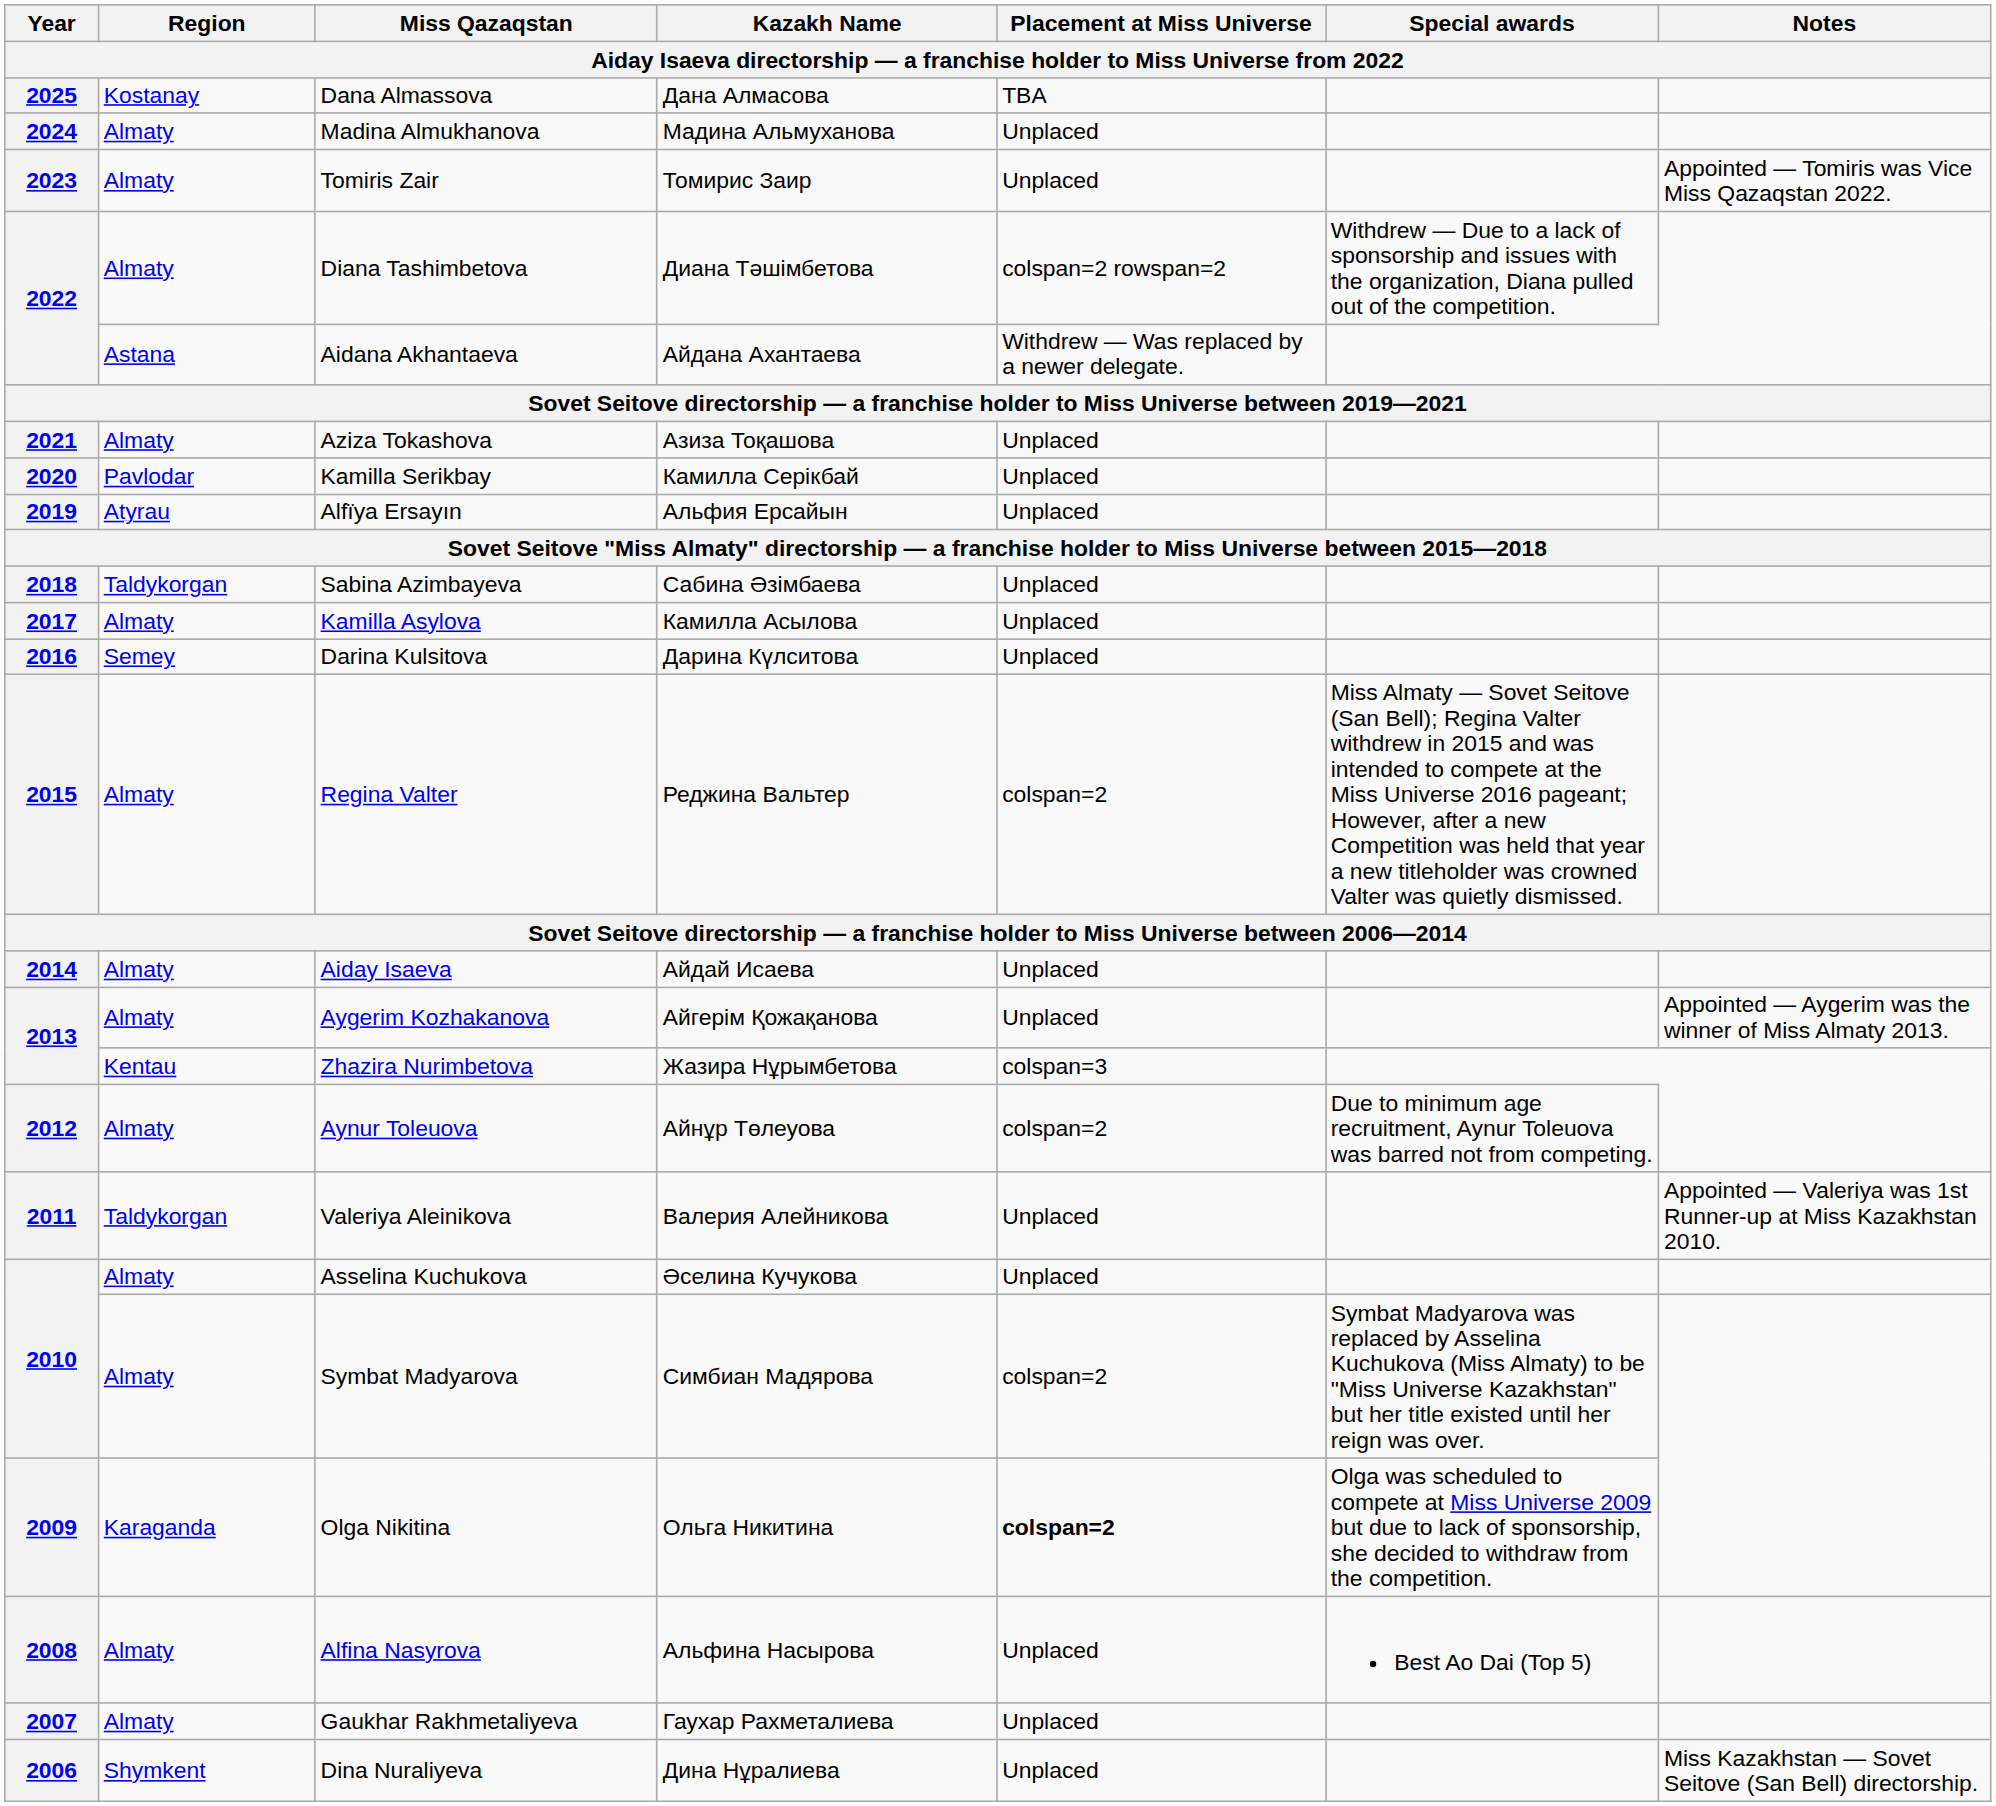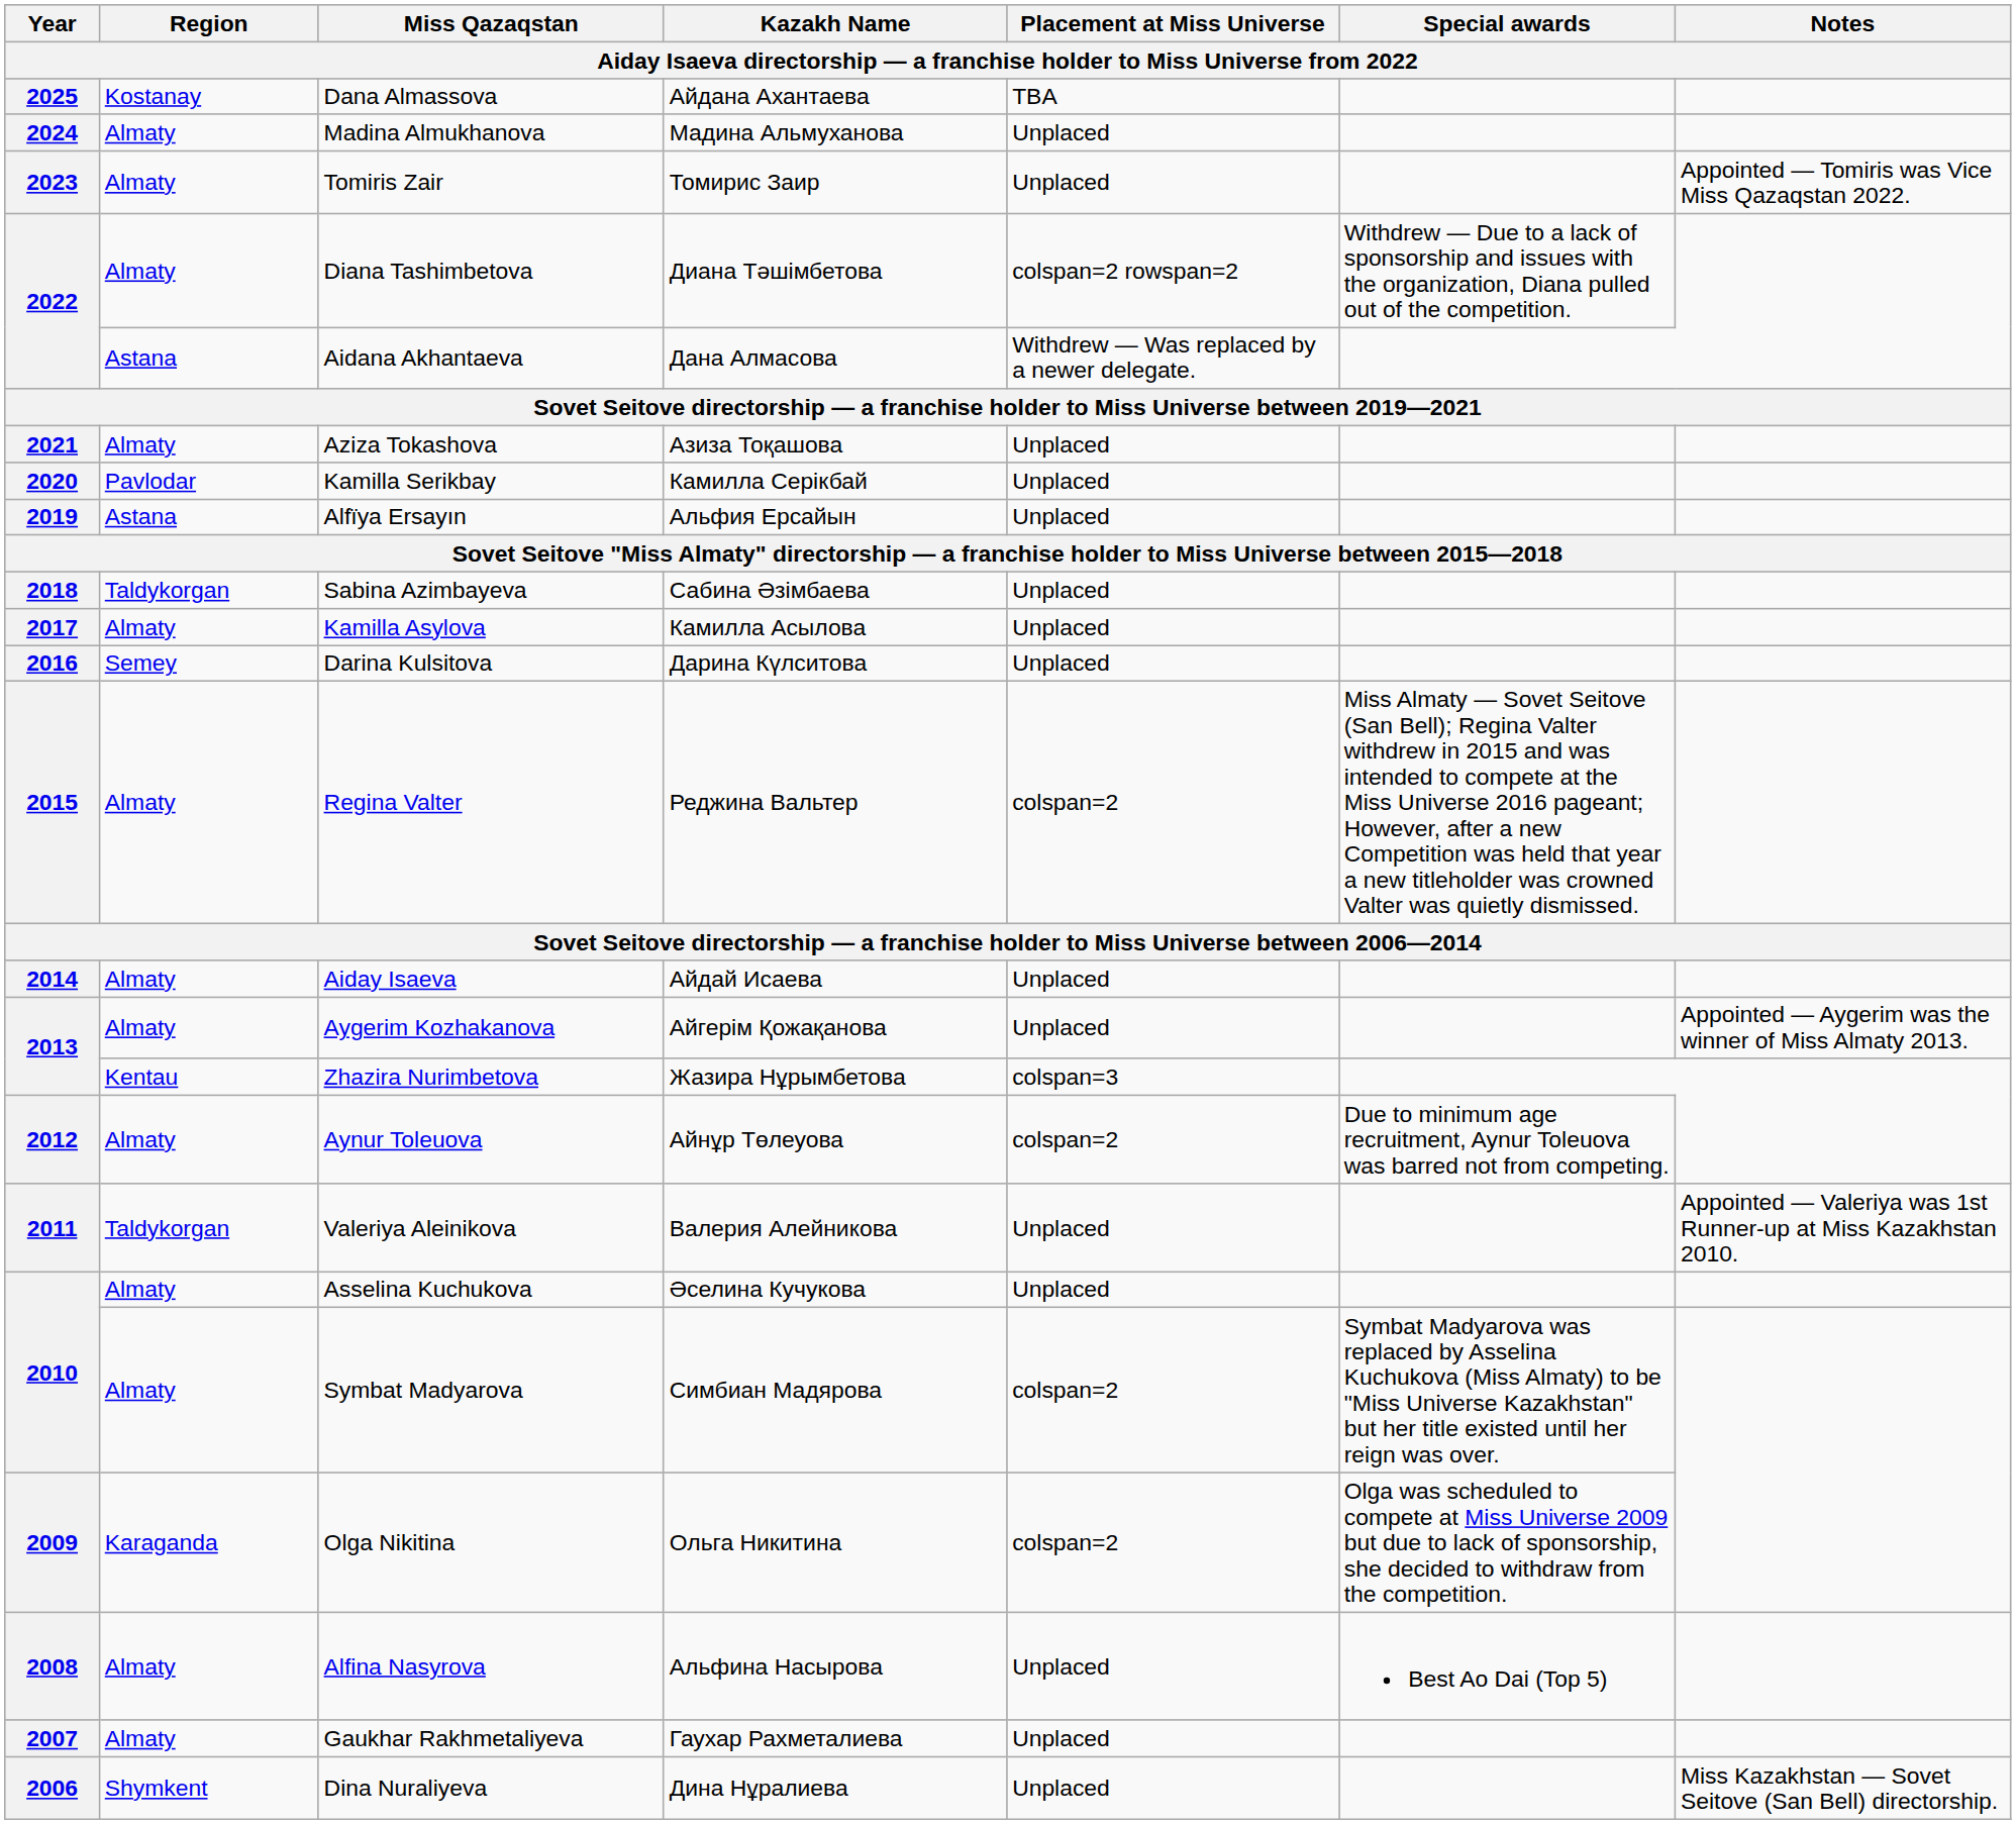 <table class="wikitable " style="font-size: 90%;">
 <tr>
 <th width="60">Year</th>
 <th width="150">Region</th>
 <th width="250">Miss Qazaqstan</th>
 <th width="250">Kazakh Name</th>
 <th width="250">Placement at Miss Universe</th>
 <th width="250">Special awards</th>
 <th width="250">Notes</th>
 </tr>
 <tr>
 <th colspan="7">Aiday Isaeva directorship — a franchise holder to Miss Universe from 2022</th>
 </tr>
 <tr>
 <th><a href='#'>2025</a></th>
 <td><a href='#'>Kostanay</a></td>
 <td>Dana Almassova</td>
-<td>Дана Алмасова</td>
+<td>Айдана Ахантаева</td>
 <td>TBA</td>
 <td></td>
 <td></td>
 </tr>
 <tr>
 <th><a href='#'>2024</a></th>
 <td><a href='#'>Almaty</a></td>
 <td>Madina Almukhanova</td>
 <td>Мадина Альмуханова</td>
 <td>Unplaced</td>
 <td></td>
 <td></td>
 </tr>
 <tr>
 <th><a href='#'>2023</a></th>
 <td><a href='#'>Almaty</a></td>
 <td>Tomiris Zair</td>
 <td>Томирис Заир</td>
 <td>Unplaced</td>
 <td></td>
 <td>Appointed — Tomiris was Vice Miss Qazaqstan 2022.</td>
 </tr>
 <tr>
 <th rowspan=2><a href='#'>2022</a></th>
 <td><a href='#'>Almaty</a></td>
 <td>Diana Tashimbetova</td>
 <td>Диана Тәшімбетова</td>
 <td>colspan=2 rowspan=2</td>
 <td>Withdrew — Due to a lack of sponsorship and issues with the organization, Diana pulled out of the competition.</td>
 </tr>
 <tr>
 <td><a href='#'>Astana</a></td>
 <td>Aidana Akhantaeva</td>
-<td>Айдана Ахантаева</td>
+<td>Дана Алмасова</td>
 <td>Withdrew — Was replaced by a newer delegate.</td>
 </tr>
 <tr>
 <th colspan="7">Sovet Seitove directorship — a franchise holder to Miss Universe between 2019―2021</th>
 </tr>
 <tr>
 <th><a href='#'>2021</a></th>
 <td><a href='#'>Almaty</a></td>
 <td>Aziza Tokashova</td>
 <td>Азиза Тоқашова</td>
 <td>Unplaced</td>
 <td></td>
 <td></td>
 </tr>
 <tr>
 <th><a href='#'>2020</a></th>
 <td><a href='#'>Pavlodar</a></td>
 <td>Kamilla Serikbay</td>
 <td>Камилла Серікбай</td>
 <td>Unplaced</td>
 <td></td>
 <td></td>
 </tr>
 <tr>
 <th><a href='#'>2019</a></th>
-<td><a href='#'>Atyrau</a></td>
+<td><a href='#'>Astana</a></td>
 <td>Alfïya Ersayın</td>
 <td>Альфия Ерсайын</td>
 <td>Unplaced</td>
 <td></td>
 <td></td>
 </tr>
 <tr>
 <th colspan="7">Sovet Seitove "Miss Almaty" directorship — a franchise holder to Miss Universe between 2015―2018</th>
 </tr>
 <tr>
 <th><a href='#'>2018</a></th>
 <td><a href='#'>Taldykorgan</a></td>
 <td>Sabina Azimbayeva</td>
 <td>Сабина Әзімбаева</td>
 <td>Unplaced</td>
 <td></td>
 <td></td>
 </tr>
 <tr>
 <th><a href='#'>2017</a></th>
 <td><a href='#'>Almaty</a></td>
 <td><a href='#'>Kamilla Asylova</a></td>
 <td>Камилла Асылова</td>
 <td>Unplaced</td>
 <td></td>
 <td></td>
 </tr>
 <tr>
 <th><a href='#'>2016</a></th>
 <td><a href='#'>Semey</a></td>
 <td>Darina Kulsitova</td>
 <td>Дарина Күлситова</td>
 <td>Unplaced</td>
 <td></td>
 <td></td>
 </tr>
 <tr>
 <th><a href='#'>2015</a></th>
 <td><a href='#'>Almaty</a></td>
 <td><a href='#'>Regina Valter</a></td>
 <td>Реджина Вальтер</td>
 <td>colspan=2 </td>
 <td>Miss Almaty — Sovet Seitove (San Bell); Regina Valter withdrew in 2015 and was intended to compete at the Miss Universe 2016 pageant; However, after a new Competition was held that year a new titleholder was crowned Valter was quietly dismissed.</td>
 </tr>
 <tr>
 <th colspan="7">Sovet Seitove directorship — a franchise holder to Miss Universe between 2006―2014</th>
 </tr>
 <tr>
 <th><a href='#'>2014</a></th>
 <td><a href='#'>Almaty</a></td>
 <td><a href='#'>Aiday Isaeva</a></td>
 <td>Айдай Исаева</td>
 <td>Unplaced</td>
 <td></td>
 <td></td>
 </tr>
 <tr>
 <th rowspan=2><a href='#'>2013</a></th>
 <td><a href='#'>Almaty</a></td>
 <td><a href='#'>Aygerim Kozhakanova</a></td>
 <td>Айгерім Қожақанова</td>
 <td>Unplaced</td>
 <td></td>
 <td>Appointed — Aygerim was the winner of Miss Almaty 2013.</td>
 </tr>
 <tr>
 <td><a href='#'>Kentau</a></td>
 <td><a href='#'>Zhazira Nurimbetova</a></td>
 <td>Жазира Нұрымбетова</td>
 <td>colspan=3 </td>
 </tr>
 <tr>
 <th><a href='#'>2012</a></th>
 <td><a href='#'>Almaty</a></td>
 <td><a href='#'>Aynur Toleuova</a></td>
 <td>Айнұр Төлеуова</td>
 <td>colspan=2 </td>
 <td>Due to minimum age recruitment, Aynur Toleuova was barred not from competing.</td>
 </tr>
 <tr>
 <th><a href='#'>2011</a></th>
 <td><a href='#'>Taldykorgan</a></td>
 <td>Valeriya Aleinikova</td>
 <td>Валерия Алейникова</td>
 <td>Unplaced</td>
 <td></td>
 <td>Appointed — Valeriya was 1st Runner-up at Miss Kazakhstan 2010.</td>
 </tr>
 <tr>
 <th rowspan=2><a href='#'>2010</a></th>
 <td><a href='#'>Almaty</a></td>
 <td>Asselina Kuchukova</td>
 <td>Әселина Кучукова</td>
 <td>Unplaced</td>
 <td></td>
 <td></td>
 </tr>
 <tr>
 <td><a href='#'>Almaty</a></td>
 <td>Symbat Madyarova</td>
 <td>Симбиан Мадярова</td>
 <td>colspan=2 </td>
 <td>Symbat Madyarova was replaced by Asselina Kuchukova (Miss Almaty) to be "Miss Universe Kazakhstan" but her title existed until her reign was over.</td>
 </tr>
 <tr>
 <th><a href='#'>2009</a></th>
 <td><a href='#'>Karaganda</a></td>
 <td>Olga Nikitina</td>
 <td>Ольга Никитина</td>
-<td><strong>colspan=2 </strong></td>
+<td>colspan=2 </td>
 <td>Olga was scheduled to compete at <a href='#'>Miss Universe 2009</a> but due to lack of sponsorship, she decided to withdraw from the competition.</td>
 </tr>
 <tr>
 <th><a href='#'>2008</a></th>
 <td><a href='#'>Almaty</a></td>
 <td><a href='#'>Alfina Nasyrova</a></td>
 <td>Альфина Насырова</td>
 <td>Unplaced</td>
 <td align="left"><br><ul><li>Best Ao Dai (Top 5)</li></ul></td>
 <td></td>
 </tr>
 <tr>
 <th><a href='#'>2007</a></th>
 <td><a href='#'>Almaty</a></td>
 <td>Gaukhar Rakhmetaliyeva</td>
 <td>Гаухар Рахметалиева</td>
 <td>Unplaced</td>
 <td></td>
 <td></td>
 </tr>
 <tr>
 <th><a href='#'>2006</a></th>
 <td><a href='#'>Shymkent</a></td>
 <td>Dina Nuraliyeva</td>
 <td>Дина Нұралиева</td>
 <td>Unplaced</td>
 <td></td>
 <td>Miss Kazakhstan — Sovet Seitove (San Bell) directorship.</td>
 </tr>
 <tr>
 </tr>
 </table>
